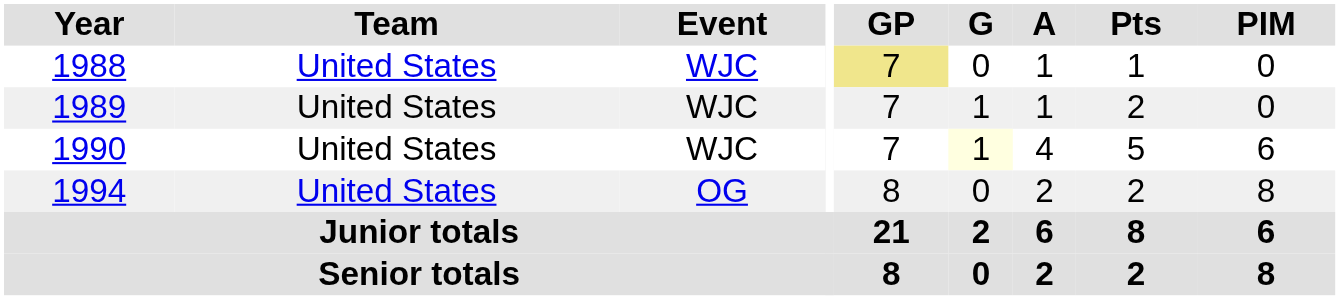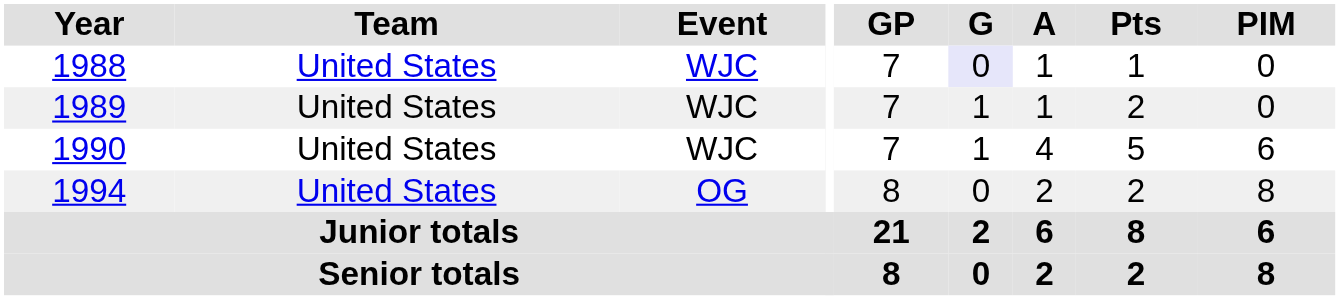 <table border="0" cellpadding="1" cellspacing="0" ID="Table3" style="text-align:center; width:40em">
 <tr bgcolor="#e0e0e0">
 <th>Year</th>
 <th>Team</th>
 <th>Event</th>
 <th rowspan="102" bgcolor="#ffffff"></th>
 <th>GP</th>
 <th>G</th>
 <th>A</th>
 <th>Pts</th>
 <th>PIM</th>
 </tr>
 <tr>
 <td><a href='#'>1988</a></td>
 <td><a href='#'>United States</a></td>
 <td><a href='#'>WJC</a></td>
-<td style="background: khaki;">7</td>
-<td>0</td>
+<td>7</td>
+<td style="background: lavender;">0</td>
 <td>1</td>
 <td>1</td>
 <td>0</td>
 </tr>
 <tr bgcolor="#f0f0f0">
 <td><a href='#'>1989</a></td>
 <td>United States</td>
 <td>WJC</td>
 <td>7</td>
 <td>1</td>
 <td>1</td>
 <td>2</td>
 <td>0</td>
 </tr>
 <tr>
 <td><a href='#'>1990</a></td>
 <td>United States</td>
 <td>WJC</td>
 <td>7</td>
-<td style="background: lightyellow;">1</td>
+<td>1</td>
 <td>4</td>
 <td>5</td>
 <td>6</td>
 </tr>
 <tr bgcolor="#f0f0f0">
 <td><a href='#'>1994</a></td>
 <td><a href='#'>United States</a></td>
 <td><a href='#'>OG</a></td>
 <td>8</td>
 <td>0</td>
 <td>2</td>
 <td>2</td>
 <td>8</td>
 </tr>
 <tr bgcolor="#e0e0e0">
 <th colspan="4">Junior totals</th>
 <th>21</th>
 <th>2</th>
 <th>6</th>
 <th>8</th>
 <th>6</th>
 </tr>
 <tr bgcolor="#e0e0e0">
 <th colspan="4">Senior totals</th>
 <th>8</th>
 <th>0</th>
 <th>2</th>
 <th>2</th>
 <th>8</th>
 </tr>
 </table>
